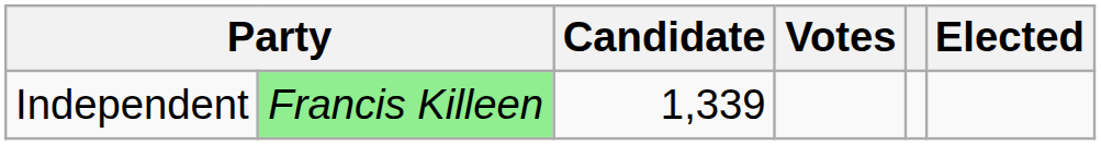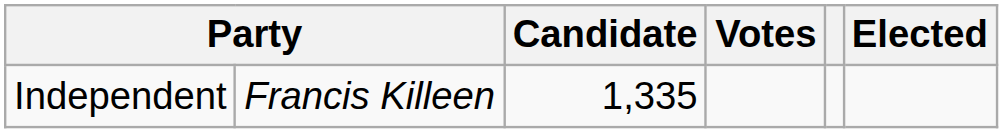 <table class="wikitable">
 <tr>
 <th colspan="2">Party</th>
 <th>Candidate</th>
 <th>Votes</th>
 <th></th>
 <th>Elected</th>
 </tr>
 <tr>
 <td>Independent</td>
-<td style="background: lightgreen;"><em>Francis Killeen</em></td>
-<td align="right">1,339</td>
+<td><em>Francis Killeen</em></td>
+<td align="right">1,335</td>
 <td></td>
 <td align="center"><br>   </td>
 </tr>
 </table>
